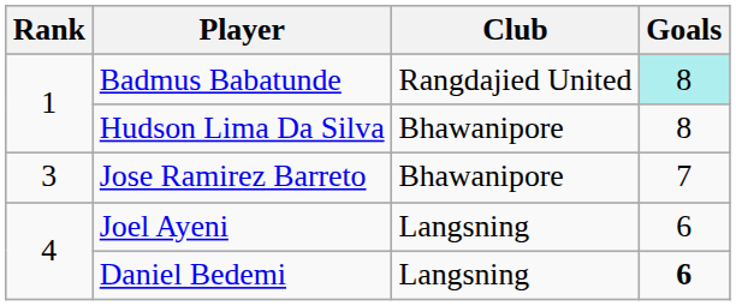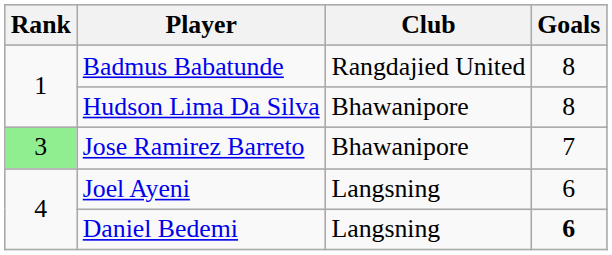 <table class="wikitable" style="text-align:center">
 <tr>
 <th>Rank</th>
 <th>Player</th>
 <th>Club</th>
 <th>Goals</th>
 </tr>
 <tr>
 <td rowspan="2">1</td>
 <td align="left"> <a href='#'>Badmus Babatunde</a></td>
 <td align="left">Rangdajied United</td>
-<td style="background: paleturquoise;">8</td>
+<td>8</td>
 </tr>
 <tr>
 <td align="left"> <a href='#'>Hudson Lima Da Silva</a></td>
 <td align="left">Bhawanipore</td>
 <td>8</td>
 </tr>
 <tr>
-<td rowspan="1">3</td>
+<td rowspan="1" style="background: lightgreen;">3</td>
 <td align="left"> <a href='#'>Jose Ramirez Barreto</a></td>
 <td align="left">Bhawanipore</td>
 <td>7</td>
 </tr>
 <tr>
 <td rowspan="2">4</td>
 <td align="left"> <a href='#'>Joel Ayeni</a></td>
 <td align="left">Langsning</td>
 <td>6</td>
 </tr>
 <tr>
 <td align="left"> <a href='#'>Daniel Bedemi</a></td>
 <td align="left">Langsning</td>
 <td><strong>6</strong></td>
 </tr>
 </table>
